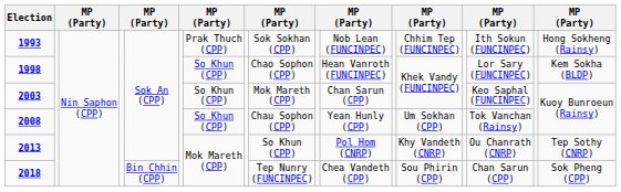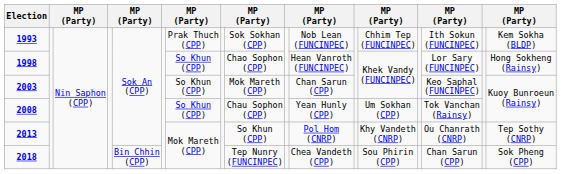 <table class="wikitable" style="text-align:center">
 <tr>
 <th>Election</th>
 <th colspan=2>MP<br>(Party)</th>
 <th colspan=2>MP<br>(Party)</th>
 <th colspan=2>MP<br>(Party)</th>
 <th colspan=2>MP<br>(Party)</th>
 <th colspan=2>MP<br>(Party)</th>
 <th colspan=2>MP<br>(Party)</th>
 <th colspan=2>MP<br>(Party)</th>
 <th colspan=2>MP<br>(Party)</th>
 </tr>
 <tr>
 <td><strong><a href='#'>1993</a></strong></td>
 <td rowspan=6; style="background-color: "></td>
 <td rowspan=6><a href='#'>Nin Saphon</a><br>(<a href='#'>CPP</a>)</td>
 <td rowspan=6; style="background-color: "></td>
 <td rowspan=5><a href='#'>Sok An</a><br>(<a href='#'>CPP</a>)</td>
 <td rowspan=6; style="background-color: "></td>
 <td rowspan=1>Prak Thuch<br>(<a href='#'>CPP</a>)</td>
 <td rowspan=1; style="background-color: "></td>
 <td rowspan=1>Sok Sokhan<br>(<a href='#'>CPP</a>)</td>
 <td rowspan=2; style="background-color: "></td>
 <td rowspan=1>Nob Lean<br>(<a href='#'>FUNCINPEC</a>)</td>
 <td rowspan=3; style="background-color: "></td>
 <td rowspan=1>Chhim Tep<br>(<a href='#'>FUNCINPEC</a>)</td>
 <td rowspan=3; style="background-color: "></td>
 <td rowspan=1>Ith Sokun<br>(<a href='#'>FUNCINPEC</a>)</td>
 <td rowspan=1; style="background-color: "></td>
-<td rowspan=1>Hong Sokheng<br>(<a href='#'>Rainsy</a>)</td>
+<td rowspan=1>Kem Sokha<br>(<a href='#'>BLDP</a>)</td>
 </tr>
 <tr>
 <td><strong><a href='#'>1998</a></strong></td>
 <td rowspan=1><a href='#'>So Khun</a><br>(<a href='#'>CPP</a>)</td>
 <td rowspan=6; style="background-color: "></td>
 <td rowspan=1>Chao Sophon<br>(<a href='#'>CPP</a>)</td>
 <td rowspan=1>Hean Vanroth<br>(<a href='#'>FUNCINPEC</a>)</td>
 <td rowspan=2>Khek Vandy<br>(<a href='#'>FUNCINPEC</a>)</td>
 <td rowspan=1>Lor Sary<br>(<a href='#'>FUNCINPEC</a>)</td>
 <td rowspan=3; style="background-color: "></td>
-<td rowspan=1>Kem Sokha<br>(<a href='#'>BLDP</a>)</td>
+<td rowspan=1>Hong Sokheng<br>(<a href='#'>Rainsy</a>)</td>
 </tr>
 <tr>
 <td><strong><a href='#'>2003</a></strong></td>
 <td rowspan=1>So Khun<br>(<a href='#'>CPP</a>)</td>
 <td rowspan=1>Mok Mareth<br>(<a href='#'>CPP</a>)</td>
 <td rowspan=2; style="background-color: "></td>
 <td rowspan=1>Chan Sarun<br>(<a href='#'>CPP</a>)</td>
 <td rowspan=1>Keo Saphal<br>(<a href='#'>FUNCINPEC</a>)</td>
 <td rowspan=2>Kuoy Bunroeun<br>(<a href='#'>Rainsy</a>)</td>
 </tr>
 <tr>
 <td><strong><a href='#'>2008</a></strong></td>
 <td rowspan=1><a href='#'>So Khun</a><br>(<a href='#'>CPP</a>)</td>
 <td rowspan=1>Chau Sophon<br>(<a href='#'>CPP</a>)</td>
 <td rowspan=1>Yean Hunly<br>(<a href='#'>CPP</a>)</td>
 <td rowspan=1; style="background-color: "></td>
 <td rowspan=1>Um Sokhan<br>(<a href='#'>CPP</a>)</td>
 <td rowspan=1; style="background-color: "></td>
 <td rowspan=1>Tok Vanchan<br>(<a href='#'>Rainsy</a>)</td>
 </tr>
 <tr>
 <td><strong><a href='#'>2013</a></strong></td>
 <td rowspan=2>Mok Mareth<br>(<a href='#'>CPP</a>)</td>
 <td rowspan=1>So Khun<br>(<a href='#'>CPP</a>)</td>
 <td rowspan=1; style="background-color: "></td>
 <td rowspan=1><a href='#'>Pol Hom</a><br>(<a href='#'>CNRP</a>)</td>
 <td rowspan=1; style="background-color: "></td>
 <td rowspan=1>Khy Vandeth<br>(<a href='#'>CNRP</a>)</td>
 <td rowspan=1; style="background-color: "></td>
 <td rowspan=1>Ou Chanrath<br>(<a href='#'>CNRP</a>)</td>
 <td rowspan=1; style="background-color: "></td>
 <td rowspan=1>Tep Sothy<br>(<a href='#'>CNRP</a>)</td>
 </tr>
 <tr>
 <td><strong><a href='#'>2018</a></strong></td>
 <td rowspan=1><a href='#'>Bin Chhin</a><br>(<a href='#'>CPP</a>)</td>
 <td rowspan=1>Tep Nunry<br>(<a href='#'>FUNCINPEC</a>)</td>
 <td rowspan=1; style="background-color: "></td>
 <td rowspan=1>Chea Vandeth<br>(<a href='#'>CPP</a>)</td>
 <td rowspan=1; style="background-color: "></td>
 <td rowspan=1>Sou Phirin<br>(<a href='#'>CPP</a>)</td>
 <td rowspan=1; style="background-color: "></td>
 <td rowspan=1>Chan Sarun<br>(<a href='#'>CPP</a>)</td>
 <td rowspan=1; style="background-color: "></td>
 <td rowspan=1>Sok Pheng<br>(<a href='#'>CPP</a>)</td>
 </tr>
 </table>
